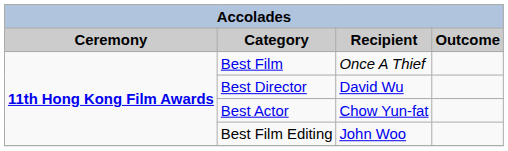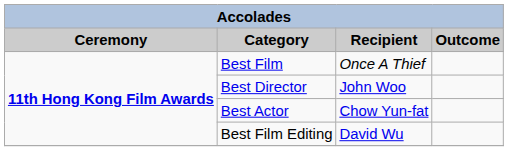 <table class="wikitable" style="font-size:95%;" ;>
 <tr style="background:#ccc; text-align:center;">
 <th colspan="4" style="background: LightSteelBlue;">Accolades</th>
 </tr>
 <tr style="background:#ccc; text-align:center;">
 <th style="background:#ccc">Ceremony</th>
 <th style="background:#ccc">Category</th>
 <th style="background:#ccc">Recipient</th>
 <th style="background:#ccc">Outcome</th>
 </tr>
 <tr>
 <td rowspan=4><strong><a href='#'>11th Hong Kong Film Awards</a></strong></td>
 <td><a href='#'>Best Film</a></td>
 <td><em>Once A Thief</em></td>
 <td></td>
 </tr>
 <tr>
 <td><a href='#'>Best Director</a></td>
-<td><a href='#'>David Wu</a></td>
+<td><a href='#'>John Woo</a></td>
 <td></td>
 </tr>
 <tr>
 <td><a href='#'>Best Actor</a></td>
 <td><a href='#'>Chow Yun-fat</a></td>
 <td></td>
 </tr>
 <tr>
 <td>Best Film Editing</td>
-<td><a href='#'>John Woo</a></td>
+<td><a href='#'>David Wu</a></td>
 <td></td>
 </tr>
 <tr>
 </tr>
 </table>
